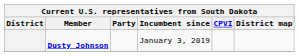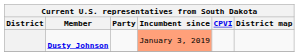 <table class="wikitable sortable">
 <tr>
 <th colspan=6>Current U.S. representatives from South Dakota</th>
 </tr>
 <tr>
 <th>District</th>
 <th>Member<br></th>
 <th>Party</th>
 <th data-sort-type="date">Incumbent since</th>
 <th data-sort-type="number"><a href='#'>CPVI</a><br></th>
 <th class="unsortable">District map</th>
 </tr>
 <tr>
 <th></th>
 <td data-sort-value="Johnson, Dusty"><br><strong><a href='#'>Dusty Johnson</a></strong><br></td>
 <td></td>
-<td>January 3, 2019</td>
+<td style="background: lightsalmon;">January 3, 2019</td>
 <td></td>
 <td></td>
 </tr>
 <tr>
 </tr>
 </table>
